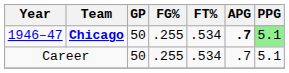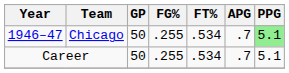 <table class="wikitable sortable" style="font-size:95%; text-align:right;">
 <tr>
 <th>Year</th>
 <th>Team</th>
 <th>GP</th>
 <th>FG%</th>
 <th>FT%</th>
 <th>APG</th>
 <th>PPG</th>
 </tr>
 <tr>
 <td style="text-align:left;"><a href='#'>1946–47</a></td>
-<td style="text-align:left;"><strong><a href='#'>Chicago</a></strong></td>
+<td style="text-align:left;"><a href='#'>Chicago</a></td>
 <td>50</td>
 <td>.255</td>
 <td>.534</td>
-<td><strong>.7</strong></td>
+<td>.7</td>
 <td style="background: lightgreen;">5.1</td>
 </tr>
 <tr>
 <td style="text-align:center;" colspan="2">Career</td>
 <td>50</td>
 <td>.255</td>
 <td>.534</td>
 <td>.7</td>
 <td>5.1</td>
 </tr>
 <tr>
 </tr>
 </table>
